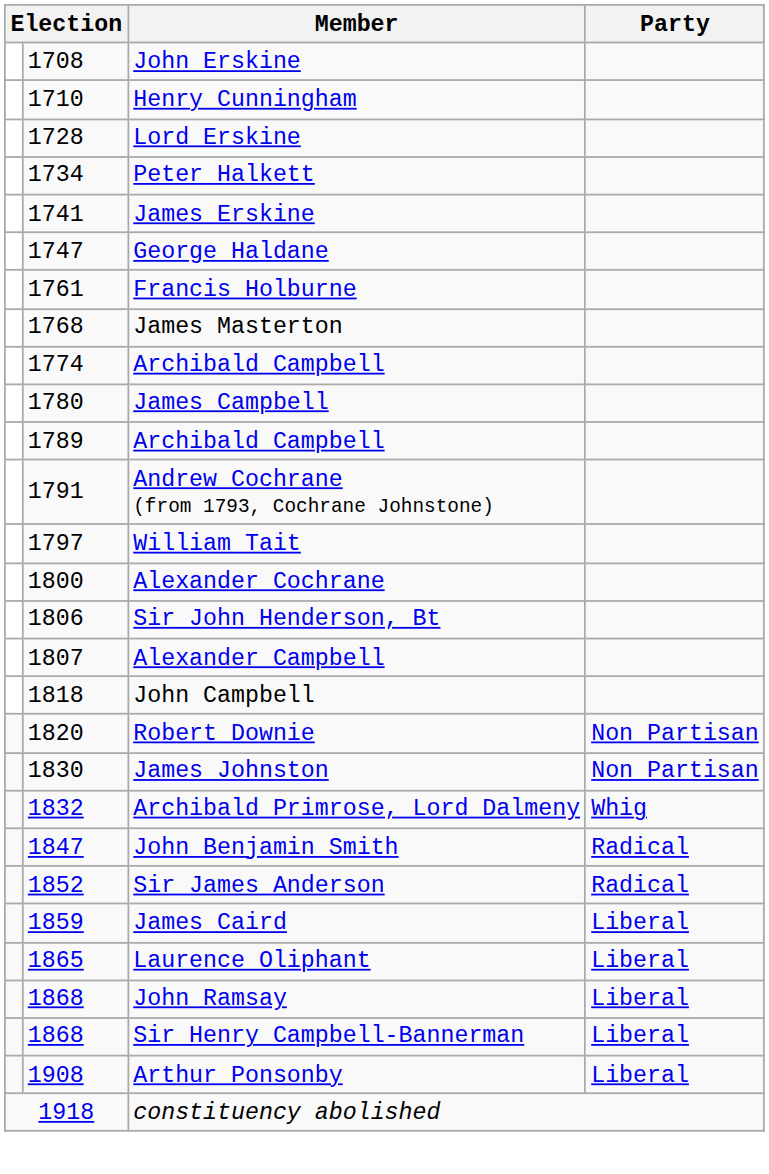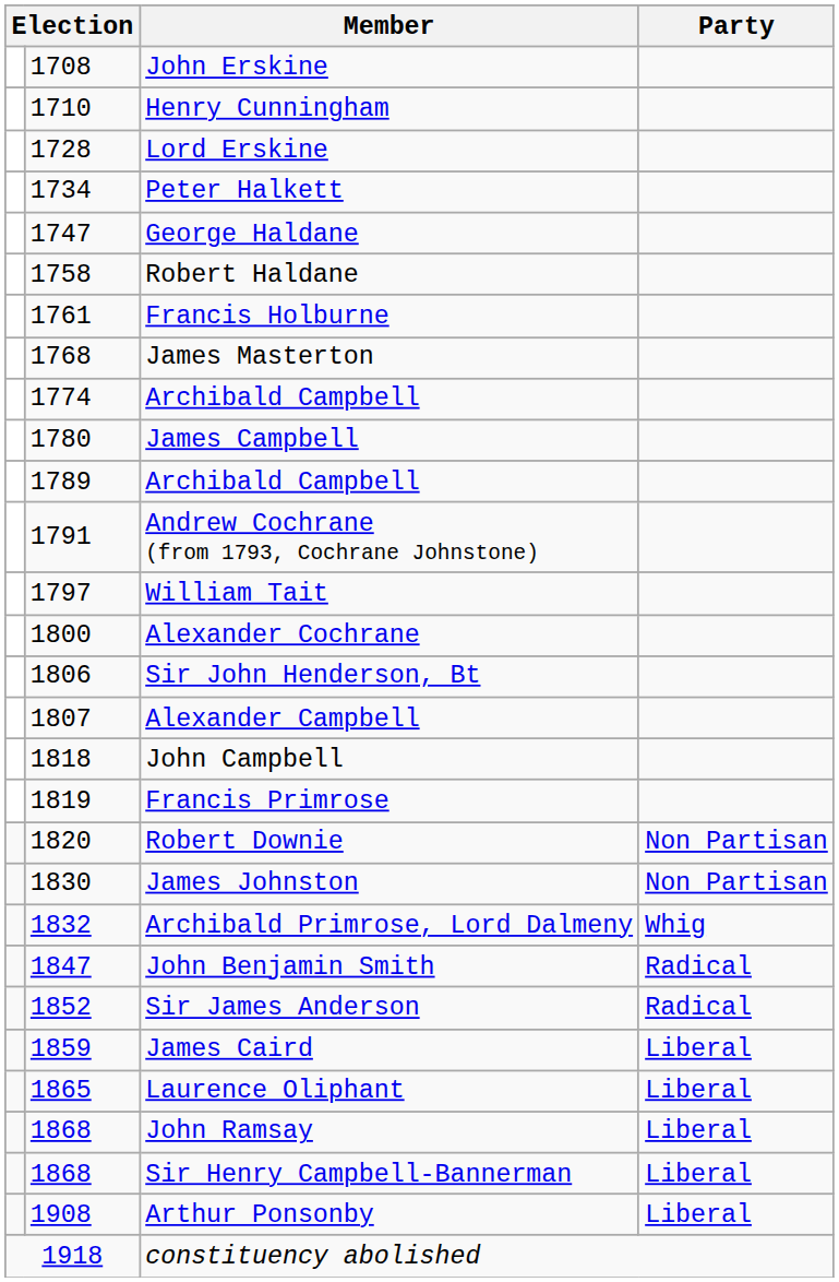 <table class="wikitable">
 <tr>
 <th colspan="2">Election</th>
 <th>Member</th>
 <th>Party</th>
 </tr>
 <tr>
 <td style="color:inherit;background-color: white"></td>
 <td>1708</td>
 <td><a href='#'>John Erskine</a></td>
 <td></td>
 </tr>
 <tr>
 <td style="color:inherit;background-color: white"></td>
 <td>1710</td>
 <td><a href='#'>Henry Cunningham</a></td>
 <td></td>
 </tr>
 <tr>
 <td style="color:inherit;background-color: white"></td>
 <td>1728</td>
 <td><a href='#'>Lord Erskine</a></td>
 <td></td>
 </tr>
 <tr>
 <td style="color:inherit;background-color: white"></td>
 <td>1734</td>
 <td><a href='#'>Peter Halkett</a></td>
 <td></td>
 </tr>
 <tr>
 <td style="color:inherit;background-color: white"></td>
-<td>1741</td>
-<td><a href='#'>James Erskine</a></td>
+<td>1747</td>
+<td><a href='#'>George Haldane</a></td>
 <td></td>
 </tr>
 <tr>
 <td style="color:inherit;background-color: white"></td>
-<td>1747</td>
-<td><a href='#'>George Haldane</a></td>
+<td>1758</td>
+<td>Robert Haldane</td>
 <td></td>
 </tr>
 <tr>
 <td style="color:inherit;background-color: white"></td>
 <td>1761</td>
 <td><a href='#'>Francis Holburne</a></td>
 <td></td>
 </tr>
 <tr>
 <td style="color:inherit;background-color: white"></td>
 <td>1768</td>
 <td>James Masterton</td>
 <td></td>
 </tr>
 <tr>
 <td style="color:inherit;background-color: white"></td>
 <td>1774</td>
 <td><a href='#'>Archibald Campbell</a></td>
 <td></td>
 </tr>
 <tr>
 <td style="color:inherit;background-color: white"></td>
 <td>1780</td>
 <td><a href='#'>James Campbell</a></td>
 <td></td>
 </tr>
 <tr>
 <td style="color:inherit;background-color: white"></td>
 <td>1789</td>
 <td><a href='#'>Archibald Campbell</a></td>
 <td></td>
 </tr>
 <tr>
 <td style="color:inherit;background-color: white"></td>
 <td>1791</td>
 <td><a href='#'>Andrew Cochrane</a><br><small>(from 1793, Cochrane Johnstone)</small></td>
 <td></td>
 </tr>
 <tr>
 <td style="color:inherit;background-color: white"></td>
 <td>1797</td>
 <td><a href='#'>William Tait</a></td>
 <td></td>
 </tr>
 <tr>
 <td style="color:inherit;background-color: white"></td>
 <td>1800</td>
 <td><a href='#'>Alexander Cochrane</a></td>
 <td></td>
 </tr>
 <tr>
 <td style="color:inherit;background-color: white"></td>
 <td>1806</td>
 <td><a href='#'>Sir John Henderson, Bt</a></td>
 <td></td>
 </tr>
 <tr>
 <td style="color:inherit;background-color: white"></td>
 <td>1807</td>
 <td><a href='#'>Alexander Campbell</a></td>
 <td></td>
 </tr>
 <tr>
 <td style="color:inherit;background-color: white"></td>
 <td>1818</td>
 <td>John Campbell</td>
 <td></td>
 </tr>
 <tr>
+<td style="color:inherit;background-color: white"></td>
+<td>1819</td>
+<td><a href='#'>Francis Primrose</a></td>
+<td></td>
+</tr>
+<tr>
 <td style="color:inherit;background-color: "></td>
 <td>1820</td>
 <td><a href='#'>Robert Downie</a></td>
 <td><a href='#'>Non Partisan</a></td>
 </tr>
 <tr>
 <td style="color:inherit;background-color: "></td>
 <td>1830</td>
 <td><a href='#'>James Johnston</a></td>
 <td><a href='#'>Non Partisan</a></td>
 </tr>
 <tr>
 <td style="color:inherit;background-color: "></td>
 <td><a href='#'>1832</a></td>
 <td><a href='#'>Archibald Primrose, Lord Dalmeny</a></td>
 <td><a href='#'>Whig</a></td>
 </tr>
 <tr>
 <td style="color:inherit;background-color: "></td>
 <td><a href='#'>1847</a></td>
 <td><a href='#'>John Benjamin Smith</a></td>
 <td><a href='#'>Radical</a></td>
 </tr>
 <tr>
 <td style="color:inherit;background-color: "></td>
 <td><a href='#'>1852</a></td>
 <td><a href='#'>Sir James Anderson</a></td>
 <td><a href='#'>Radical</a></td>
 </tr>
 <tr>
 <td style="color:inherit;background-color: "></td>
 <td><a href='#'>1859</a></td>
 <td><a href='#'>James Caird</a></td>
 <td><a href='#'>Liberal</a></td>
 </tr>
 <tr>
 <td style="color:inherit;background-color: "></td>
 <td><a href='#'>1865</a></td>
 <td><a href='#'>Laurence Oliphant</a></td>
 <td><a href='#'>Liberal</a></td>
 </tr>
 <tr>
 <td style="color:inherit;background-color: "></td>
 <td><a href='#'>1868</a></td>
 <td><a href='#'>John Ramsay</a></td>
 <td><a href='#'>Liberal</a></td>
 </tr>
 <tr>
 <td style="color:inherit;background-color: "></td>
 <td><a href='#'>1868</a></td>
 <td><a href='#'>Sir Henry Campbell-Bannerman</a></td>
 <td><a href='#'>Liberal</a></td>
 </tr>
 <tr>
 <td style="color:inherit;background-color: "></td>
 <td><a href='#'>1908</a></td>
 <td><a href='#'>Arthur Ponsonby</a></td>
 <td><a href='#'>Liberal</a></td>
 </tr>
 <tr>
 <td colspan="2" align="center"><a href='#'>1918</a></td>
 <td colspan="2"><em>constituency abolished</em></td>
 </tr>
 </table>
